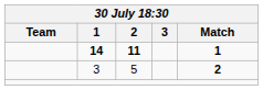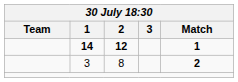 <table class=wikitable style="text-align:center; width: 55%">
 <tr>
 <th colspan=10><em>30 July 18:30</em></th>
 </tr>
 <tr>
 <th>Team</th>
 <th>1</th>
 <th>2</th>
 <th>3</th>
 <th>Match</th>
 </tr>
 <tr>
 <td align=left><strong><br></strong></td>
 <td><strong>14</strong></td>
-<td><strong>11</strong></td>
+<td><strong>12</strong></td>
 <td></td>
 <td><strong>1</strong></td>
 </tr>
 <tr>
 <td align=left><br></td>
 <td>3</td>
-<td>5</td>
+<td>8</td>
 <td></td>
 <td><strong>2</strong></td>
 </tr>
 <tr>
 <td colspan=10></td>
 </tr>
 </table>
